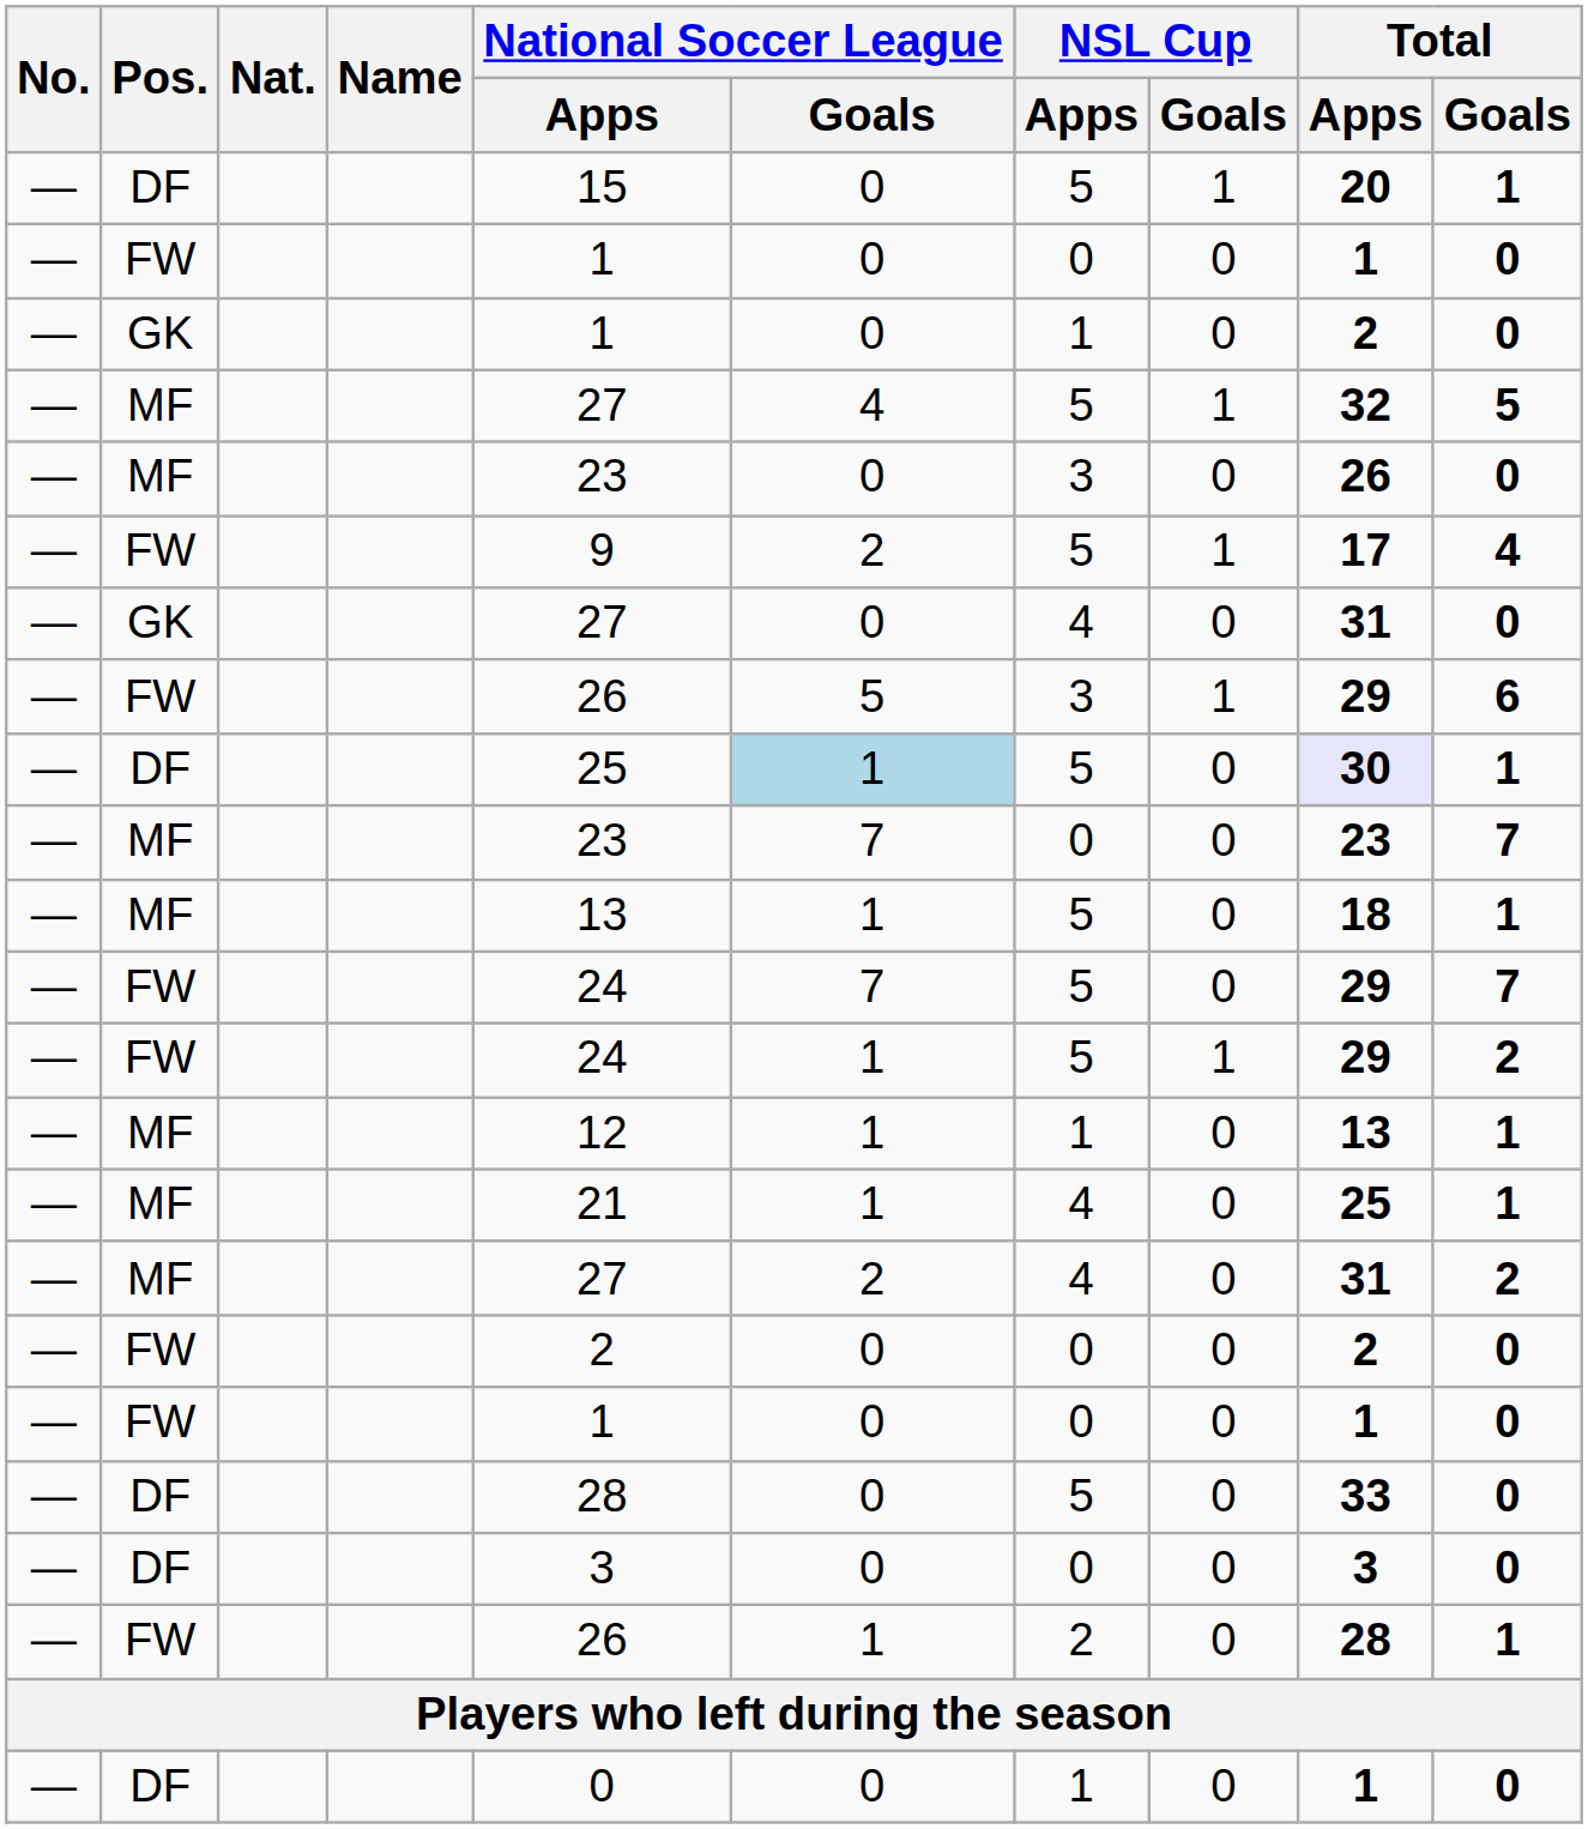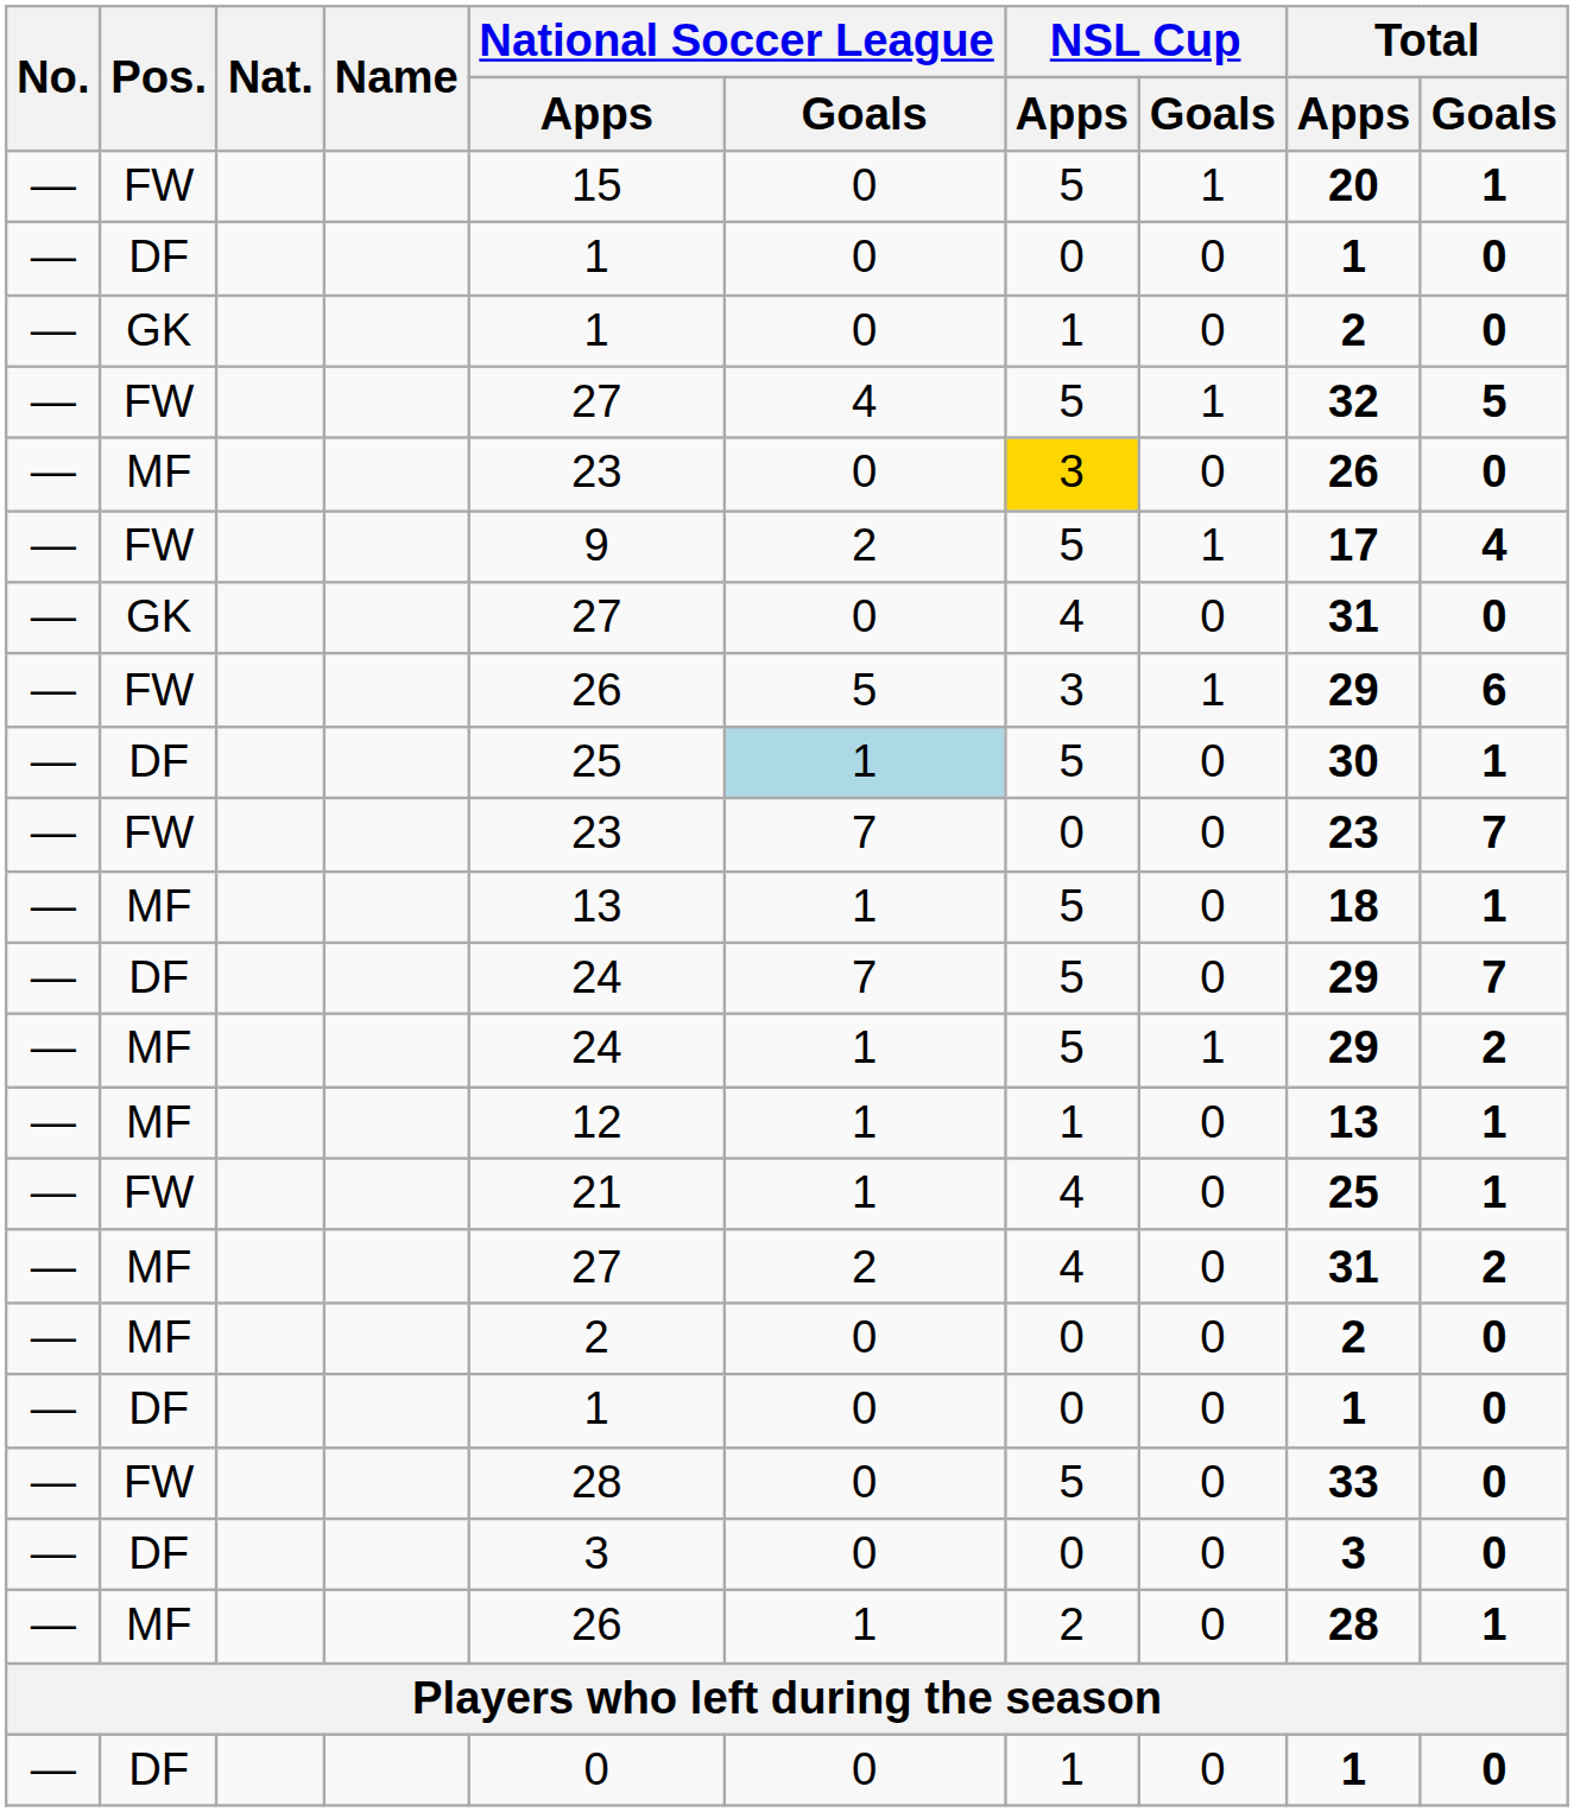 <table class="wikitable sortable" style="text-align:center">
 <tr>
 <th rowspan="2">No.</th>
 <th rowspan="2">Pos.</th>
 <th rowspan="2">Nat.</th>
 <th rowspan="2">Name</th>
 <th colspan="2"><a href='#'>National Soccer League</a></th>
 <th colspan="2"><a href='#'>NSL Cup</a></th>
 <th colspan="2">Total</th>
 </tr>
 <tr>
 <th>Apps</th>
 <th>Goals</th>
 <th>Apps</th>
 <th>Goals</th>
 <th>Apps</th>
 <th>Goals</th>
 </tr>
 <tr>
 <td>—</td>
-<td>DF</td>
+<td>FW</td>
 <td></td>
 <td align=left></td>
 <td>15</td>
 <td>0</td>
 <td>5</td>
 <td>1</td>
 <td><strong>20</strong></td>
 <td><strong>1</strong></td>
 </tr>
 <tr>
 <td>—</td>
-<td>FW</td>
+<td>DF</td>
 <td></td>
 <td align=left></td>
 <td>1</td>
 <td>0</td>
 <td>0</td>
 <td>0</td>
 <td><strong>1</strong></td>
 <td><strong>0</strong></td>
 </tr>
 <tr>
 <td>—</td>
 <td>GK</td>
 <td></td>
 <td align=left></td>
 <td>1</td>
 <td>0</td>
 <td>1</td>
 <td>0</td>
 <td><strong>2</strong></td>
 <td><strong>0</strong></td>
 </tr>
 <tr>
 <td>—</td>
-<td>MF</td>
+<td>FW</td>
 <td></td>
 <td align=left></td>
 <td>27</td>
 <td>4</td>
 <td>5</td>
 <td>1</td>
 <td><strong>32</strong></td>
 <td><strong>5</strong></td>
 </tr>
 <tr>
 <td>—</td>
 <td>MF</td>
 <td></td>
 <td align=left></td>
 <td>23</td>
 <td>0</td>
-<td>3</td>
+<td style="background: gold;">3</td>
 <td>0</td>
 <td><strong>26</strong></td>
 <td><strong>0</strong></td>
 </tr>
 <tr>
 <td>—</td>
 <td>FW</td>
 <td></td>
 <td align=left></td>
 <td>9</td>
 <td>2</td>
 <td>5</td>
 <td>1</td>
 <td><strong>17</strong></td>
 <td><strong>4</strong></td>
 </tr>
 <tr>
 <td>—</td>
 <td>GK</td>
 <td></td>
 <td align=left></td>
 <td>27</td>
 <td>0</td>
 <td>4</td>
 <td>0</td>
 <td><strong>31</strong></td>
 <td><strong>0</strong></td>
 </tr>
 <tr>
 <td>—</td>
 <td>FW</td>
 <td></td>
 <td align=left></td>
 <td>26</td>
 <td>5</td>
 <td>3</td>
 <td>1</td>
 <td><strong>29</strong></td>
 <td><strong>6</strong></td>
 </tr>
 <tr>
 <td>—</td>
 <td>DF</td>
 <td></td>
 <td align=left></td>
 <td>25</td>
 <td style="background: lightblue;">1</td>
 <td>5</td>
 <td>0</td>
-<td style="background: lavender;"><strong>30</strong></td>
+<td><strong>30</strong></td>
 <td><strong>1</strong></td>
 </tr>
 <tr>
 <td>—</td>
-<td>MF</td>
+<td>FW</td>
 <td></td>
 <td align=left></td>
 <td>23</td>
 <td>7</td>
 <td>0</td>
 <td>0</td>
 <td><strong>23</strong></td>
 <td><strong>7</strong></td>
 </tr>
 <tr>
 <td>—</td>
 <td>MF</td>
 <td></td>
 <td align=left></td>
 <td>13</td>
 <td>1</td>
 <td>5</td>
 <td>0</td>
 <td><strong>18</strong></td>
 <td><strong>1</strong></td>
 </tr>
 <tr>
 <td>—</td>
-<td>FW</td>
+<td>DF</td>
 <td></td>
 <td align=left></td>
 <td>24</td>
 <td>7</td>
 <td>5</td>
 <td>0</td>
 <td><strong>29</strong></td>
 <td><strong>7</strong></td>
 </tr>
 <tr>
 <td>—</td>
-<td>FW</td>
+<td>MF</td>
 <td></td>
 <td align=left></td>
 <td>24</td>
 <td>1</td>
 <td>5</td>
 <td>1</td>
 <td><strong>29</strong></td>
 <td><strong>2</strong></td>
 </tr>
 <tr>
 <td>—</td>
 <td>MF</td>
 <td></td>
 <td align=left></td>
 <td>12</td>
 <td>1</td>
 <td>1</td>
 <td>0</td>
 <td><strong>13</strong></td>
 <td><strong>1</strong></td>
 </tr>
 <tr>
 <td>—</td>
-<td>MF</td>
+<td>FW</td>
 <td></td>
 <td align=left></td>
 <td>21</td>
 <td>1</td>
 <td>4</td>
 <td>0</td>
 <td><strong>25</strong></td>
 <td><strong>1</strong></td>
 </tr>
 <tr>
 <td>—</td>
 <td>MF</td>
 <td></td>
 <td align=left></td>
 <td>27</td>
 <td>2</td>
 <td>4</td>
 <td>0</td>
 <td><strong>31</strong></td>
 <td><strong>2</strong></td>
 </tr>
 <tr>
 <td>—</td>
-<td>FW</td>
+<td>MF</td>
 <td></td>
 <td align=left></td>
 <td>2</td>
 <td>0</td>
 <td>0</td>
 <td>0</td>
 <td><strong>2</strong></td>
 <td><strong>0</strong></td>
 </tr>
 <tr>
 <td>—</td>
-<td>FW</td>
+<td>DF</td>
 <td></td>
 <td align=left></td>
 <td>1</td>
 <td>0</td>
 <td>0</td>
 <td>0</td>
 <td><strong>1</strong></td>
 <td><strong>0</strong></td>
 </tr>
 <tr>
 <td>—</td>
-<td>DF</td>
+<td>FW</td>
 <td></td>
 <td align=left></td>
 <td>28</td>
 <td>0</td>
 <td>5</td>
 <td>0</td>
 <td><strong>33</strong></td>
 <td><strong>0</strong></td>
 </tr>
 <tr>
 <td>—</td>
 <td>DF</td>
 <td></td>
 <td align=left></td>
 <td>3</td>
 <td>0</td>
 <td>0</td>
 <td>0</td>
 <td><strong>3</strong></td>
 <td><strong>0</strong></td>
 </tr>
 <tr>
 <td>—</td>
-<td>FW</td>
+<td>MF</td>
 <td></td>
 <td align=left></td>
 <td>26</td>
 <td>1</td>
 <td>2</td>
 <td>0</td>
 <td><strong>28</strong></td>
 <td><strong>1</strong></td>
 </tr>
 <tr>
 <th colspan="17">Players who left during the season</th>
 </tr>
 <tr>
 <td>—</td>
 <td>DF</td>
 <td></td>
 <td align=left></td>
 <td>0</td>
 <td>0</td>
 <td>1</td>
 <td>0</td>
 <td><strong>1</strong></td>
 <td><strong>0</strong></td>
 </tr>
 </table>
